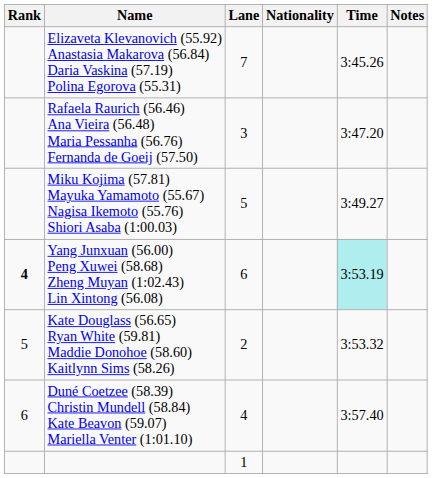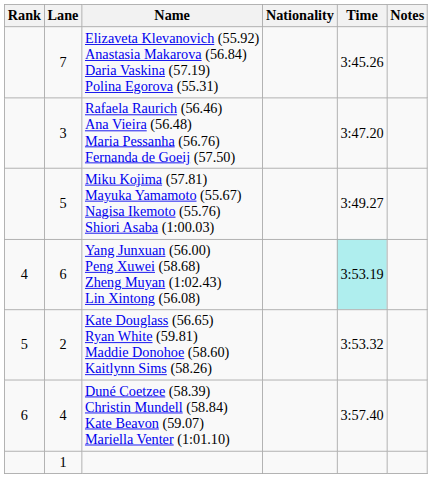 <table class="wikitable sortable" style="text-align:center">
 <tr>
 <th>Rank</th>
+<th>Lane</th>
 <th>Name</th>
-<th>Lane</th>
 <th>Nationality</th>
 <th>Time</th>
 <th>Notes</th>
 </tr>
 <tr>
 <td></td>
+<td>7</td>
 <td align=left><a href='#'>Elizaveta Klevanovich</a> (55.92)<br><a href='#'>Anastasia Makarova</a> (56.84)<br><a href='#'>Daria Vaskina</a> (57.19)<br><a href='#'>Polina Egorova</a> (55.31)</td>
-<td>7</td>
 <td align=left></td>
 <td>3:45.26</td>
 <td></td>
 </tr>
 <tr>
 <td></td>
+<td>3</td>
 <td align=left><a href='#'>Rafaela Raurich</a> (56.46)<br><a href='#'>Ana Vieira</a> (56.48)<br><a href='#'>Maria Pessanha</a> (56.76)<br><a href='#'>Fernanda de Goeij</a> (57.50)</td>
-<td>3</td>
 <td align=left></td>
 <td>3:47.20</td>
 <td></td>
 </tr>
 <tr>
 <td></td>
+<td>5</td>
 <td align=left><a href='#'>Miku Kojima</a> (57.81)<br><a href='#'>Mayuka Yamamoto</a> (55.67)<br><a href='#'>Nagisa Ikemoto</a> (55.76)<br><a href='#'>Shiori Asaba</a> (1:00.03)</td>
-<td>5</td>
 <td align=left></td>
 <td>3:49.27</td>
 <td></td>
 </tr>
 <tr>
-<td><strong>4</strong></td>
+<td>4</td>
+<td>6</td>
 <td align=left><a href='#'>Yang Junxuan</a> (56.00)<br><a href='#'>Peng Xuwei</a> (58.68)<br><a href='#'>Zheng Muyan</a> (1:02.43)<br><a href='#'>Lin Xintong</a> (56.08)</td>
-<td>6</td>
 <td align=left></td>
 <td style="background: paleturquoise;">3:53.19</td>
 <td></td>
 </tr>
 <tr>
 <td>5</td>
+<td>2</td>
 <td align=left><a href='#'>Kate Douglass</a> (56.65)<br><a href='#'>Ryan White</a> (59.81)<br><a href='#'>Maddie Donohoe</a> (58.60)<br><a href='#'>Kaitlynn Sims</a> (58.26)</td>
-<td>2</td>
 <td align=left></td>
 <td>3:53.32</td>
 <td></td>
 </tr>
 <tr>
 <td>6</td>
+<td>4</td>
 <td align=left><a href='#'>Duné Coetzee</a> (58.39)<br><a href='#'>Christin Mundell</a> (58.84)<br><a href='#'>Kate Beavon</a> (59.07)<br><a href='#'>Mariella Venter</a> (1:01.10)</td>
-<td>4</td>
 <td align=left></td>
 <td>3:57.40</td>
 <td></td>
 </tr>
 <tr>
 <td></td>
+<td>1</td>
 <td align=left></td>
-<td>1</td>
 <td align=left></td>
 <td></td>
 <td></td>
 </tr>
 </table>
